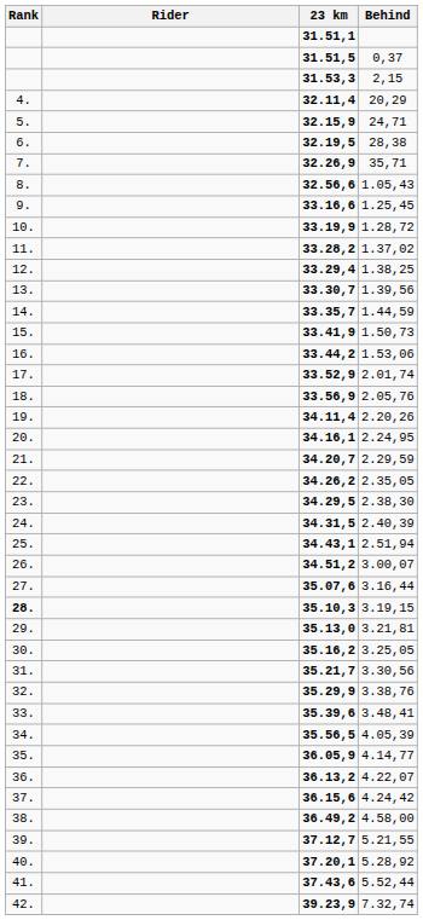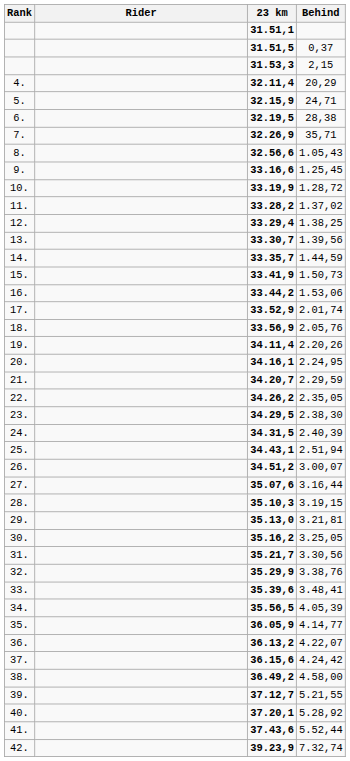 <table class="wikitable sortable" style="font-size:90%; text-align:center;">
 <tr>
 <th>Rank</th>
 <th style="width: 20em">Rider</th>
 <th>23 km</th>
 <th>Behind</th>
 </tr>
 <tr>
 <td></td>
 <td align="left"></td>
 <td><strong>31.51,1</strong></td>
 <td></td>
 </tr>
 <tr>
 <td></td>
 <td align="left"></td>
 <td><strong>31.51,5</strong></td>
 <td>0,37</td>
 </tr>
 <tr>
 <td></td>
 <td align="left"></td>
 <td><strong>31.53,3</strong></td>
 <td>2,15</td>
 </tr>
 <tr>
 <td>4.</td>
 <td align="left"></td>
 <td><strong>32.11,4</strong></td>
 <td>20,29</td>
 </tr>
 <tr>
 <td>5.</td>
 <td align="left"></td>
 <td><strong>32.15,9</strong></td>
 <td>24,71</td>
 </tr>
 <tr>
 <td>6.</td>
 <td align="left"></td>
 <td><strong>32.19,5</strong></td>
 <td>28,38</td>
 </tr>
 <tr>
 <td>7.</td>
 <td align="left"></td>
 <td><strong>32.26,9</strong></td>
 <td>35,71</td>
 </tr>
 <tr>
 <td>8.</td>
 <td align="left"></td>
 <td><strong>32.56,6</strong></td>
 <td>1.05,43</td>
 </tr>
 <tr>
 <td>9.</td>
 <td align="left"></td>
 <td><strong>33.16,6</strong></td>
 <td>1.25,45</td>
 </tr>
 <tr>
 <td>10.</td>
 <td align="left"></td>
 <td><strong>33.19,9</strong></td>
 <td>1.28,72</td>
 </tr>
 <tr>
 <td>11.</td>
 <td align="left"></td>
 <td><strong>33.28,2</strong></td>
 <td>1.37,02</td>
 </tr>
 <tr>
 <td>12.</td>
 <td align="left"></td>
 <td><strong>33.29,4</strong></td>
 <td>1.38,25</td>
 </tr>
 <tr>
 <td>13.</td>
 <td align="left"></td>
 <td><strong>33.30,7</strong></td>
 <td>1.39,56</td>
 </tr>
 <tr>
 <td>14.</td>
 <td align="left"></td>
 <td><strong>33.35,7</strong></td>
 <td>1.44,59</td>
 </tr>
 <tr>
 <td>15.</td>
 <td align="left"></td>
 <td><strong>33.41,9</strong></td>
 <td>1.50,73</td>
 </tr>
 <tr>
 <td>16.</td>
 <td align="left"></td>
 <td><strong>33.44,2</strong></td>
 <td>1.53,06</td>
 </tr>
 <tr>
 <td>17.</td>
 <td align="left"></td>
 <td><strong>33.52,9</strong></td>
 <td>2.01,74</td>
 </tr>
 <tr>
 <td>18.</td>
 <td align="left"></td>
 <td><strong>33.56,9</strong></td>
 <td>2.05,76</td>
 </tr>
 <tr>
 <td>19.</td>
 <td align="left"></td>
 <td><strong>34.11,4</strong></td>
 <td>2.20,26</td>
 </tr>
 <tr>
 <td>20.</td>
 <td align="left"></td>
 <td><strong>34.16,1</strong></td>
 <td>2.24,95</td>
 </tr>
 <tr>
 <td>21.</td>
 <td align="left"></td>
 <td><strong>34.20,7</strong></td>
 <td>2.29,59</td>
 </tr>
 <tr>
 <td>22.</td>
 <td align="left"></td>
 <td><strong>34.26,2</strong></td>
 <td>2.35,05</td>
 </tr>
 <tr>
 <td>23.</td>
 <td align="left"></td>
 <td><strong>34.29,5</strong></td>
 <td>2.38,30</td>
 </tr>
 <tr>
 <td>24.</td>
 <td align="left"></td>
 <td><strong>34.31,5</strong></td>
 <td>2.40,39</td>
 </tr>
 <tr>
 <td>25.</td>
 <td align="left"></td>
 <td><strong>34.43,1</strong></td>
 <td>2.51,94</td>
 </tr>
 <tr>
 <td>26.</td>
 <td align="left"></td>
 <td><strong>34.51,2</strong></td>
 <td>3.00,07</td>
 </tr>
 <tr>
 <td>27.</td>
 <td align="left"></td>
 <td><strong>35.07,6</strong></td>
 <td>3.16,44</td>
 </tr>
 <tr>
-<td><strong>28.</strong></td>
+<td>28.</td>
 <td align="left"></td>
 <td><strong>35.10,3</strong></td>
 <td>3.19,15</td>
 </tr>
 <tr>
 <td>29.</td>
 <td align="left"></td>
 <td><strong>35.13,0</strong></td>
 <td>3.21,81</td>
 </tr>
 <tr>
 <td>30.</td>
 <td align="left"></td>
 <td><strong>35.16,2</strong></td>
 <td>3.25,05</td>
 </tr>
 <tr>
 <td>31.</td>
 <td align="left"></td>
 <td><strong>35.21,7</strong></td>
 <td>3.30,56</td>
 </tr>
 <tr>
 <td>32.</td>
 <td align="left"></td>
 <td><strong>35.29,9</strong></td>
 <td>3.38,76</td>
 </tr>
 <tr>
 <td>33.</td>
 <td align="left"></td>
 <td><strong>35.39,6</strong></td>
 <td>3.48,41</td>
 </tr>
 <tr>
 <td>34.</td>
 <td align="left"></td>
 <td><strong>35.56,5</strong></td>
 <td>4.05,39</td>
 </tr>
 <tr>
 <td>35.</td>
 <td align="left"></td>
 <td><strong>36.05,9</strong></td>
 <td>4.14,77</td>
 </tr>
 <tr>
 <td>36.</td>
 <td align="left"></td>
 <td><strong>36.13,2</strong></td>
 <td>4.22,07</td>
 </tr>
 <tr>
 <td>37.</td>
 <td align="left"></td>
 <td><strong>36.15,6</strong></td>
 <td>4.24,42</td>
 </tr>
 <tr>
 <td>38.</td>
 <td align="left"></td>
 <td><strong>36.49,2</strong></td>
 <td>4.58,00</td>
 </tr>
 <tr>
 <td>39.</td>
 <td align="left"></td>
 <td><strong>37.12,7</strong></td>
 <td>5.21,55</td>
 </tr>
 <tr>
 <td>40.</td>
 <td align="left"></td>
 <td><strong>37.20,1</strong></td>
 <td>5.28,92</td>
 </tr>
 <tr>
 <td>41.</td>
 <td align="left"></td>
 <td><strong>37.43,6</strong></td>
 <td>5.52,44</td>
 </tr>
 <tr>
 <td>42.</td>
 <td align="left"></td>
 <td><strong>39.23,9</strong></td>
 <td>7.32,74</td>
 </tr>
 </table>
